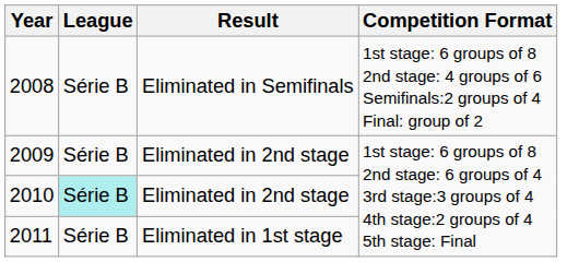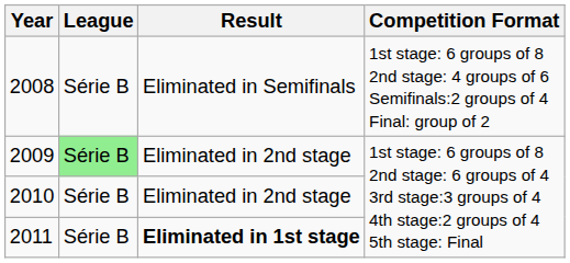 <table class="wikitable">
 <tr>
 <th>Year</th>
 <th>League</th>
 <th>Result</th>
 <th>Competition Format</th>
 </tr>
 <tr>
 <td>2008</td>
 <td>Série B</td>
 <td>Eliminated in Semifinals</td>
 <td><small>1st stage: 6 groups of 8 <br>2nd stage: 4 groups of 6<br>Semifinals:2 groups of 4 <br>Final: group of 2</small></td>
 </tr>
 <tr>
 <td>2009</td>
-<td>Série B</td>
+<td style="background: lightgreen;">Série B</td>
 <td>Eliminated in 2nd stage</td>
 <td rowspan="3"><small>1st stage: 6 groups of 8 <br>2nd stage: 6 groups of 4<br>3rd stage:3 groups of 4  <br>4th stage:2 groups of 4 <br>5th stage: Final</small></td>
 </tr>
 <tr>
 <td>2010</td>
-<td style="background: paleturquoise;">Série B</td>
+<td>Série B</td>
 <td>Eliminated in 2nd stage</td>
 </tr>
 <tr>
 <td>2011</td>
 <td>Série B</td>
-<td>Eliminated in 1st stage</td>
+<td><strong>Eliminated in 1st stage</strong></td>
 </tr>
 </table>
